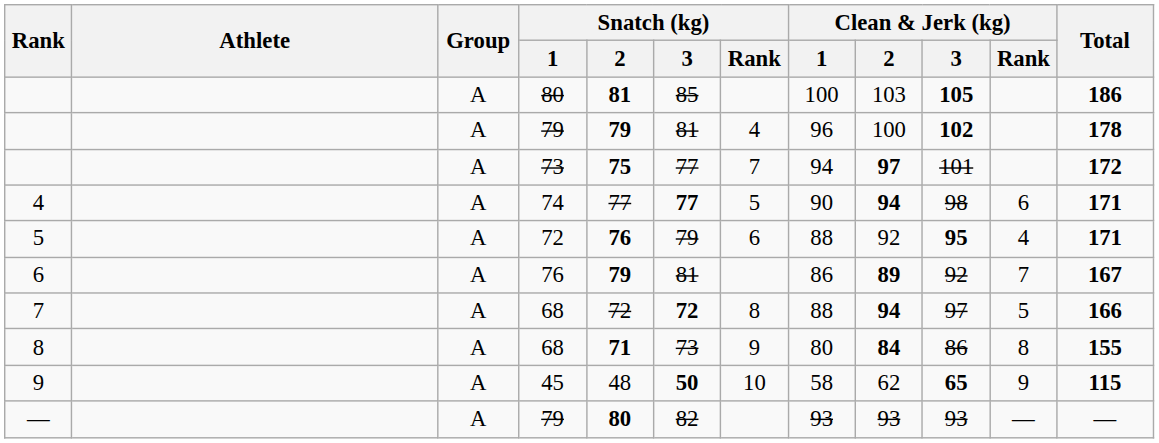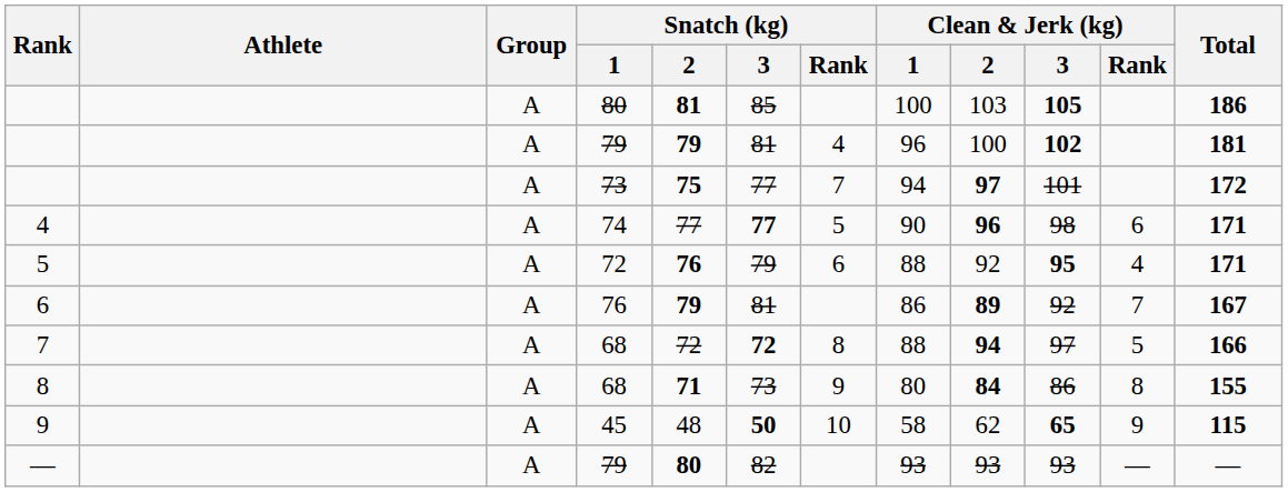 <table class = "wikitable" style="text-align:center;">
 <tr>
 <th rowspan=2 width=40>Rank</th>
 <th rowspan=2 width=250>Athlete</th>
 <th rowspan=2 width=50>Group</th>
 <th colspan=4>Snatch (kg)</th>
 <th colspan=4>Clean & Jerk (kg)</th>
 <th rowspan=2 width=60>Total</th>
 </tr>
 <tr>
 <th width=40>1</th>
 <th width=40>2</th>
 <th width=40>3</th>
 <th width=40>Rank</th>
 <th width=40>1</th>
 <th width=40>2</th>
 <th width=40>3</th>
 <th width=40>Rank</th>
 </tr>
 <tr>
 <td></td>
 <td align=left></td>
 <td>A</td>
 <td><s>80</s></td>
 <td><strong>81</strong></td>
 <td><s>85</s></td>
 <td></td>
 <td>100</td>
 <td>103</td>
 <td><strong>105</strong></td>
 <td></td>
 <td><strong>186</strong></td>
 </tr>
 <tr>
 <td></td>
 <td align=left></td>
 <td>A</td>
 <td><s>79</s></td>
 <td><strong>79</strong></td>
 <td><s>81</s></td>
 <td>4</td>
 <td>96</td>
 <td>100</td>
 <td><strong>102</strong></td>
 <td></td>
-<td><strong>178</strong></td>
+<td><strong>181</strong></td>
 </tr>
 <tr>
 <td></td>
 <td align=left></td>
 <td>A</td>
 <td><s>73</s></td>
 <td><strong>75</strong></td>
 <td><s>77</s></td>
 <td>7</td>
 <td>94</td>
 <td><strong>97</strong></td>
 <td><s>101</s></td>
 <td></td>
 <td><strong>172</strong></td>
 </tr>
 <tr>
 <td>4</td>
 <td align=left></td>
 <td>A</td>
 <td>74</td>
 <td><s>77</s></td>
 <td><strong>77</strong></td>
 <td>5</td>
 <td>90</td>
-<td><strong>94</strong></td>
+<td><strong>96</strong></td>
 <td><s>98</s></td>
 <td>6</td>
 <td><strong>171</strong></td>
 </tr>
 <tr>
 <td>5</td>
 <td align=left></td>
 <td>A</td>
 <td>72</td>
 <td><strong>76</strong></td>
 <td><s>79</s></td>
 <td>6</td>
 <td>88</td>
 <td>92</td>
 <td><strong>95</strong></td>
 <td>4</td>
 <td><strong>171</strong></td>
 </tr>
 <tr>
 <td>6</td>
 <td align=left></td>
 <td>A</td>
 <td>76</td>
 <td><strong>79</strong></td>
 <td><s>81</s></td>
 <td></td>
 <td>86</td>
 <td><strong>89</strong></td>
 <td><s>92</s></td>
 <td>7</td>
 <td><strong>167</strong></td>
 </tr>
 <tr>
 <td>7</td>
 <td align=left></td>
 <td>A</td>
 <td>68</td>
 <td><s>72</s></td>
 <td><strong>72</strong></td>
 <td>8</td>
 <td>88</td>
 <td><strong>94</strong></td>
 <td><s>97</s></td>
 <td>5</td>
 <td><strong>166</strong></td>
 </tr>
 <tr>
 <td>8</td>
 <td align=left></td>
 <td>A</td>
 <td>68</td>
 <td><strong>71</strong></td>
 <td><s>73</s></td>
 <td>9</td>
 <td>80</td>
 <td><strong>84</strong></td>
 <td><s>86</s></td>
 <td>8</td>
 <td><strong>155</strong></td>
 </tr>
 <tr>
 <td>9</td>
 <td align=left></td>
 <td>A</td>
 <td>45</td>
 <td>48</td>
 <td><strong>50</strong></td>
 <td>10</td>
 <td>58</td>
 <td>62</td>
 <td><strong>65</strong></td>
 <td>9</td>
 <td><strong>115</strong></td>
 </tr>
 <tr>
 <td>—</td>
 <td align=left></td>
 <td>A</td>
 <td><s>79</s></td>
 <td><strong>80</strong></td>
 <td><s>82</s></td>
 <td></td>
 <td><s>93</s></td>
 <td><s>93</s></td>
 <td><s>93</s></td>
 <td>—</td>
 <td>—</td>
 </tr>
 </table>
